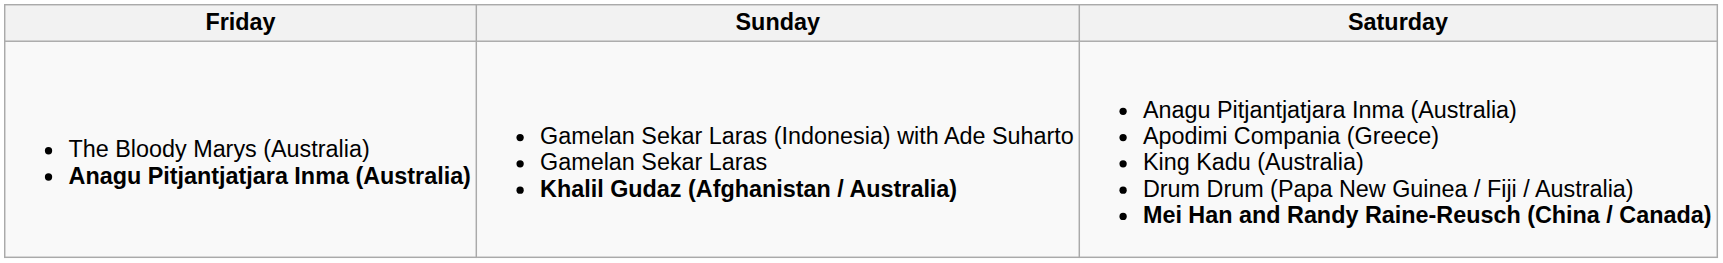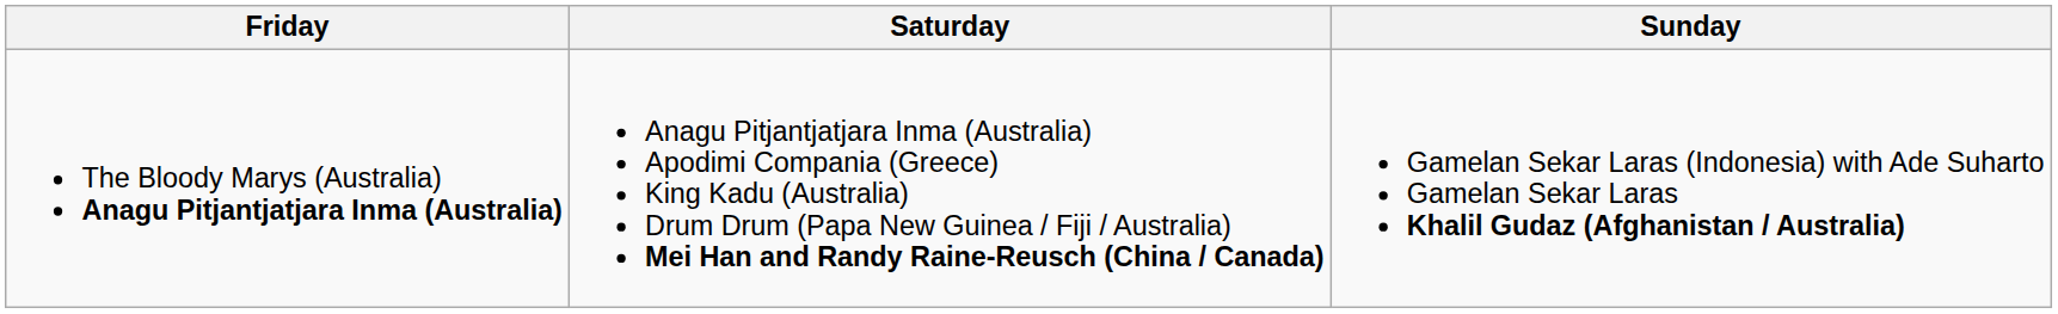 <table class="wikitable">
 <tr>
 <th>Friday</th>
+<th>Saturday</th>
 <th>Sunday</th>
-<th>Saturday</th>
 </tr>
 <tr>
 <td><br><ul><li>The Bloody Marys (Australia)</li><li><strong>Anagu Pitjantjatjara Inma (Australia)</strong></li></ul></td>
+<td><br><ul><li>Anagu Pitjantjatjara Inma (Australia)</li><li>Apodimi Compania (Greece)</li><li>King Kadu (Australia)</li><li>Drum Drum (Papa New Guinea / Fiji / Australia)</li><li><strong>Mei Han and Randy Raine-Reusch (China / Canada)</strong></li></ul></td>
 <td><br><ul><li>Gamelan Sekar Laras (Indonesia) with Ade Suharto</li><li>Gamelan Sekar Laras</li><li><strong>Khalil Gudaz (Afghanistan / Australia)</strong></li></ul></td>
-<td><br><ul><li>Anagu Pitjantjatjara Inma (Australia)</li><li>Apodimi Compania (Greece)</li><li>King Kadu (Australia)</li><li>Drum Drum (Papa New Guinea / Fiji / Australia)</li><li><strong>Mei Han and Randy Raine-Reusch (China / Canada)</strong></li></ul></td>
 </tr>
 </table>
